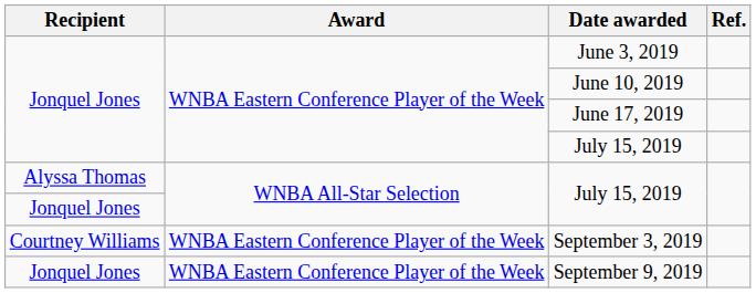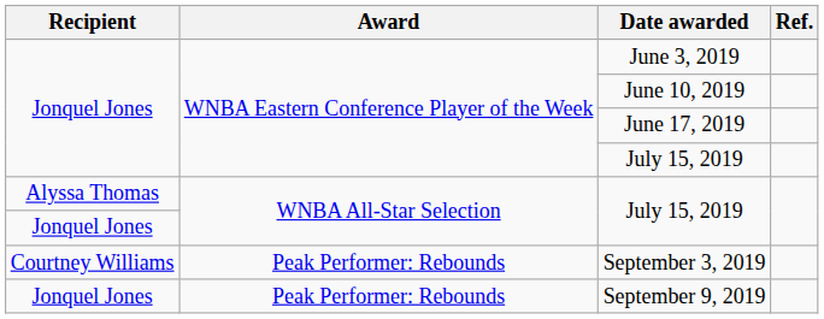 <table class="wikitable sortable sortable" style="text-align: center">
 <tr>
 <th>Recipient</th>
 <th>Award</th>
 <th>Date awarded</th>
 <th>Ref.</th>
 </tr>
 <tr>
 <td rowspan=4><a href='#'>Jonquel Jones</a></td>
 <td rowspan=4><a href='#'>WNBA Eastern Conference Player of the Week</a></td>
 <td>June 3, 2019</td>
 <td></td>
 </tr>
 <tr>
 <td>June 10, 2019</td>
 <td></td>
 </tr>
 <tr>
 <td>June 17, 2019</td>
 <td></td>
 </tr>
 <tr>
 <td>July 15, 2019</td>
 <td></td>
 </tr>
 <tr>
 <td><a href='#'>Alyssa Thomas</a></td>
 <td rowspan=2><a href='#'>WNBA All-Star Selection</a></td>
 <td rowspan=2>July 15, 2019</td>
 <td rowspan=2></td>
 </tr>
 <tr>
 <td><a href='#'>Jonquel Jones</a></td>
 </tr>
 <tr>
 <td><a href='#'>Courtney Williams</a></td>
-<td><a href='#'>WNBA Eastern Conference Player of the Week</a></td>
+<td><a href='#'>Peak Performer: Rebounds</a></td>
 <td>September 3, 2019</td>
 <td></td>
 </tr>
 <tr>
 <td><a href='#'>Jonquel Jones</a></td>
-<td><a href='#'>WNBA Eastern Conference Player of the Week</a></td>
+<td><a href='#'>Peak Performer: Rebounds</a></td>
 <td>September 9, 2019</td>
 <td></td>
 </tr>
 </table>
